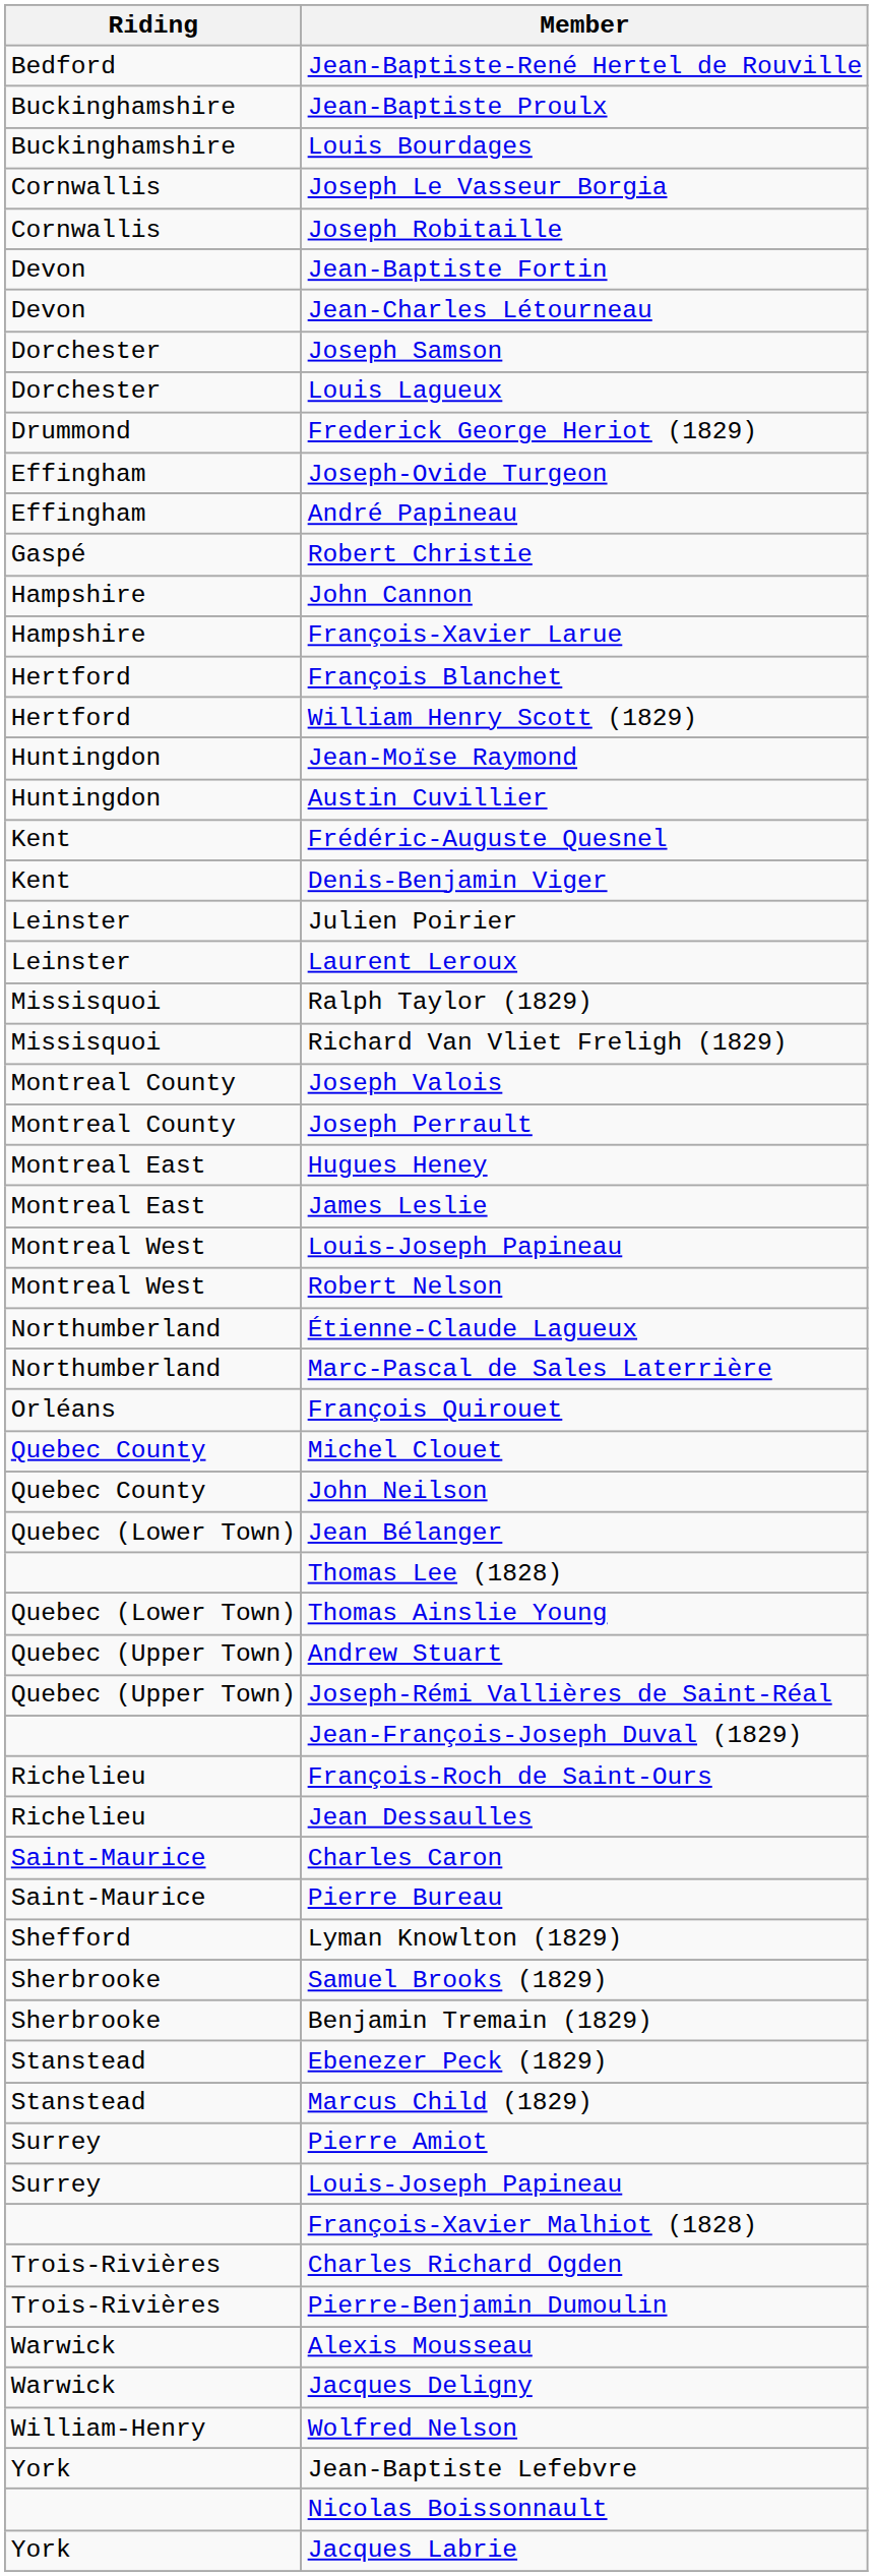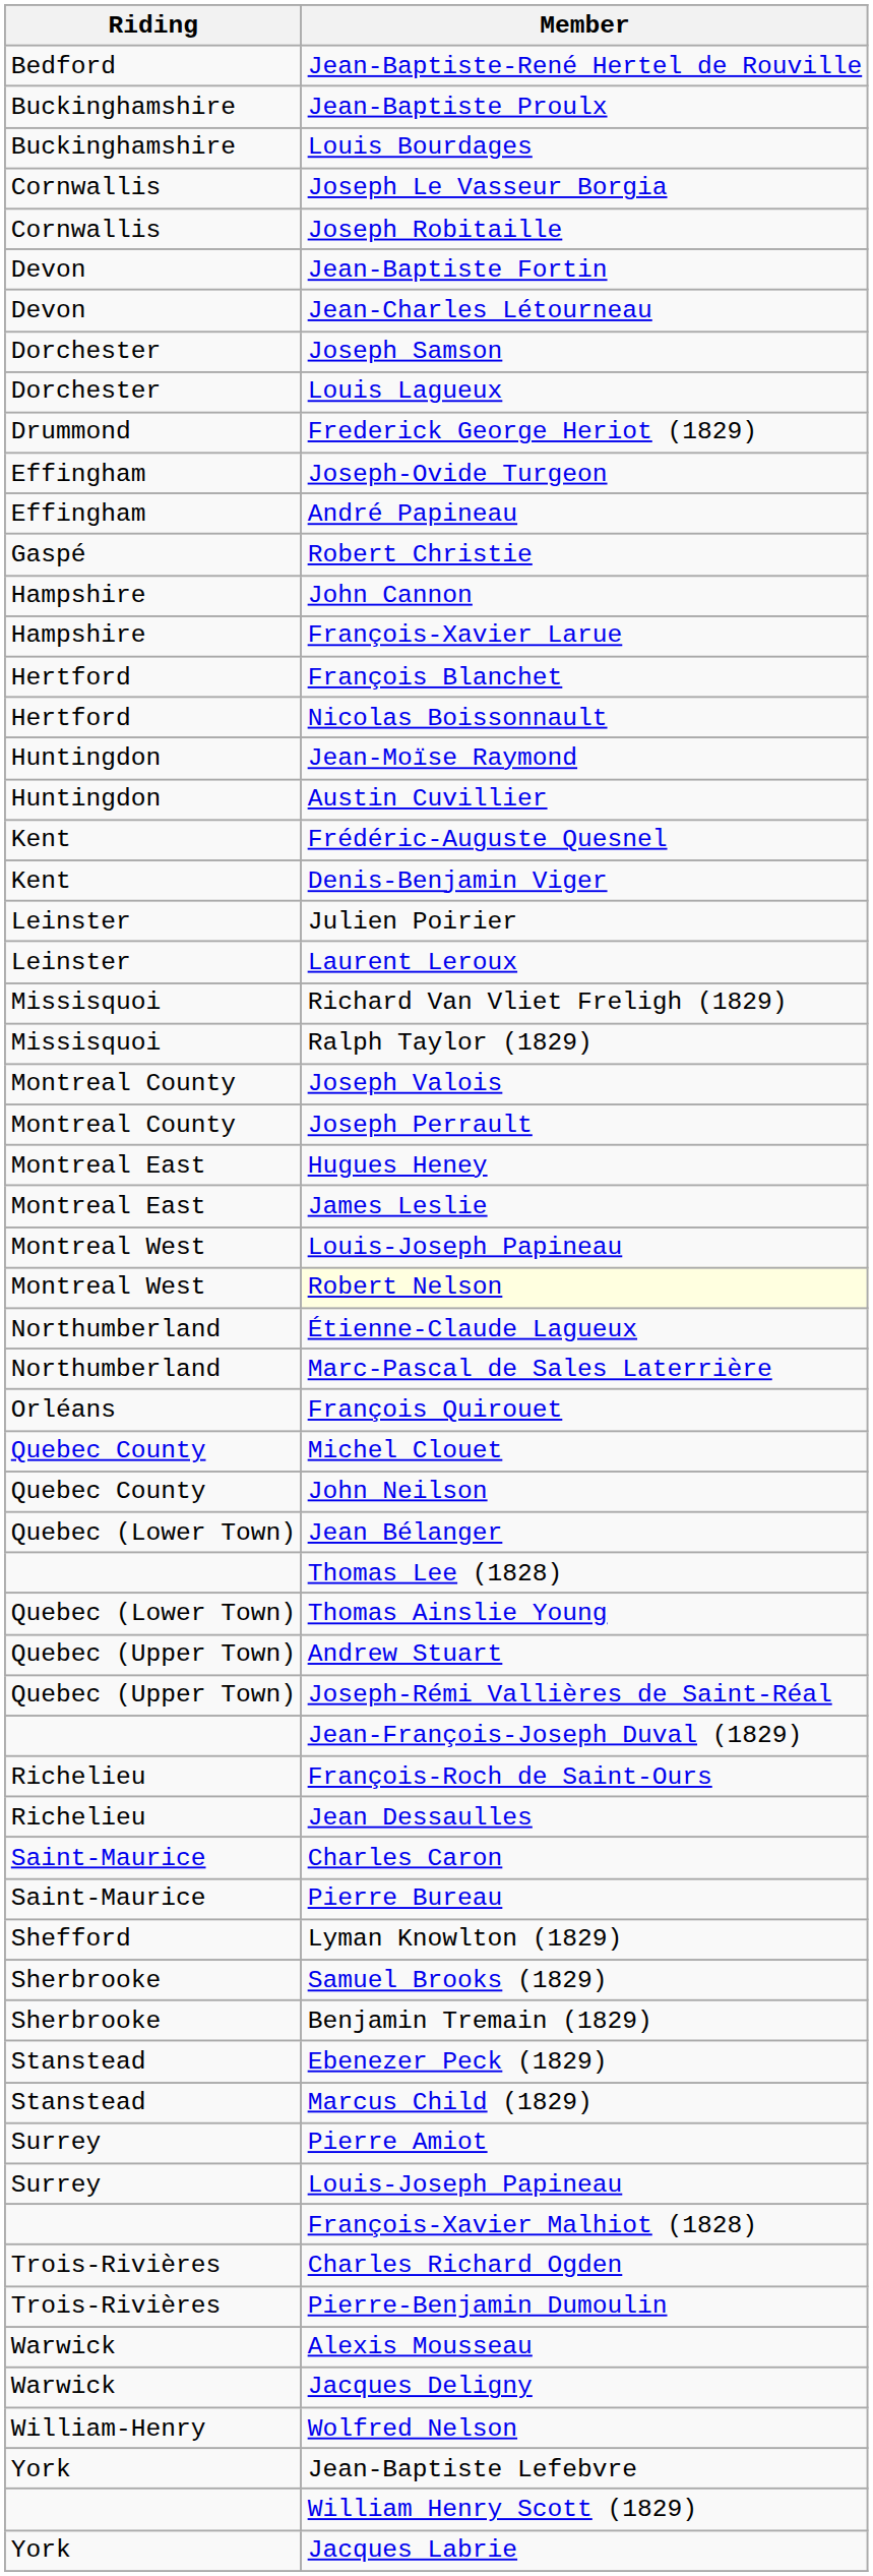 <table class="wikitable">
 <tr>
 <th>Riding</th>
 <th>Member</th>
 </tr>
 <tr>
 <td>Bedford</td>
 <td><a href='#'>Jean-Baptiste-René Hertel de Rouville</a></td>
 </tr>
 <tr>
 <td>Buckinghamshire</td>
 <td><a href='#'>Jean-Baptiste Proulx</a></td>
 </tr>
 <tr>
 <td>Buckinghamshire</td>
 <td><a href='#'>Louis Bourdages</a></td>
 </tr>
 <tr>
 <td>Cornwallis</td>
 <td><a href='#'>Joseph Le Vasseur Borgia</a></td>
 </tr>
 <tr>
 <td>Cornwallis</td>
 <td><a href='#'>Joseph Robitaille</a></td>
 </tr>
 <tr>
 <td>Devon</td>
 <td><a href='#'>Jean-Baptiste Fortin</a></td>
 </tr>
 <tr>
 <td>Devon</td>
 <td><a href='#'>Jean-Charles Létourneau</a></td>
 </tr>
 <tr>
 <td>Dorchester</td>
 <td><a href='#'>Joseph Samson</a></td>
 </tr>
 <tr>
 <td>Dorchester</td>
 <td><a href='#'>Louis Lagueux</a></td>
 </tr>
 <tr>
 <td>Drummond </td>
 <td><a href='#'>Frederick George Heriot</a> (1829)</td>
 </tr>
 <tr>
 <td>Effingham</td>
 <td><a href='#'>Joseph-Ovide Turgeon</a></td>
 </tr>
 <tr>
 <td>Effingham</td>
 <td><a href='#'>André Papineau</a></td>
 </tr>
 <tr>
 <td>Gaspé</td>
 <td><a href='#'>Robert Christie</a></td>
 </tr>
 <tr>
 <td>Hampshire</td>
 <td><a href='#'>John Cannon</a></td>
 </tr>
 <tr>
 <td>Hampshire</td>
 <td><a href='#'>François-Xavier Larue</a></td>
 </tr>
 <tr>
 <td>Hertford</td>
 <td><a href='#'>François Blanchet</a></td>
 </tr>
 <tr>
 <td>Hertford</td>
-<td><a href='#'>William Henry Scott</a> (1829)</td>
+<td><a href='#'>Nicolas Boissonnault</a></td>
 </tr>
 <tr>
 <td>Huntingdon</td>
 <td><a href='#'>Jean-Moïse Raymond</a></td>
 </tr>
 <tr>
 <td>Huntingdon</td>
 <td><a href='#'>Austin Cuvillier</a></td>
 </tr>
 <tr>
 <td>Kent</td>
 <td><a href='#'>Frédéric-Auguste Quesnel</a></td>
 </tr>
 <tr>
 <td>Kent</td>
 <td><a href='#'>Denis-Benjamin Viger</a></td>
 </tr>
 <tr>
 <td>Leinster</td>
 <td>Julien Poirier</td>
 </tr>
 <tr>
 <td>Leinster</td>
 <td><a href='#'>Laurent Leroux</a></td>
 </tr>
 <tr>
 <td>Missisquoi </td>
-<td>Ralph Taylor (1829)</td>
+<td>Richard Van Vliet Freligh (1829)</td>
 </tr>
 <tr>
 <td>Missisquoi </td>
-<td>Richard Van Vliet Freligh (1829)</td>
+<td>Ralph Taylor (1829)</td>
 </tr>
 <tr>
 <td>Montreal County</td>
 <td><a href='#'>Joseph Valois</a></td>
 </tr>
 <tr>
 <td>Montreal County</td>
 <td><a href='#'>Joseph Perrault</a></td>
 </tr>
 <tr>
 <td>Montreal East</td>
 <td><a href='#'>Hugues Heney</a></td>
 </tr>
 <tr>
 <td>Montreal East</td>
 <td><a href='#'>James Leslie</a></td>
 </tr>
 <tr>
 <td>Montreal West</td>
 <td><a href='#'>Louis-Joseph Papineau</a></td>
 </tr>
 <tr>
 <td>Montreal West</td>
-<td><a href='#'>Robert Nelson</a></td>
+<td style="background: lightyellow;"><a href='#'>Robert Nelson</a></td>
 </tr>
 <tr>
 <td>Northumberland</td>
 <td><a href='#'>Étienne-Claude Lagueux</a></td>
 </tr>
 <tr>
 <td>Northumberland</td>
 <td><a href='#'>Marc-Pascal de Sales Laterrière</a></td>
 </tr>
 <tr>
 <td>Orléans</td>
 <td><a href='#'>François Quirouet</a></td>
 </tr>
 <tr>
 <td><a href='#'>Quebec County</a></td>
 <td><a href='#'>Michel Clouet</a></td>
 </tr>
 <tr>
 <td>Quebec County</td>
 <td><a href='#'>John Neilson</a></td>
 </tr>
 <tr>
 <td>Quebec (Lower Town)</td>
 <td><a href='#'>Jean Bélanger</a></td>
 </tr>
 <tr>
 <td></td>
 <td><a href='#'>Thomas Lee</a> (1828)</td>
 </tr>
 <tr>
 <td>Quebec (Lower Town)</td>
 <td><a href='#'>Thomas Ainslie Young</a></td>
 </tr>
 <tr>
 <td>Quebec (Upper Town)</td>
 <td><a href='#'>Andrew Stuart</a></td>
 </tr>
 <tr>
 <td>Quebec (Upper Town)</td>
 <td><a href='#'>Joseph-Rémi Vallières de Saint-Réal</a></td>
 </tr>
 <tr>
 <td></td>
 <td><a href='#'>Jean-François-Joseph Duval</a> (1829)</td>
 </tr>
 <tr>
 <td>Richelieu</td>
 <td><a href='#'>François-Roch de Saint-Ours</a></td>
 </tr>
 <tr>
 <td>Richelieu</td>
 <td><a href='#'>Jean Dessaulles</a></td>
 </tr>
 <tr>
 <td><a href='#'>Saint-Maurice</a></td>
 <td><a href='#'>Charles Caron</a></td>
 </tr>
 <tr>
 <td>Saint-Maurice</td>
 <td><a href='#'>Pierre Bureau</a></td>
 </tr>
 <tr>
 <td>Shefford </td>
 <td>Lyman Knowlton (1829)</td>
 </tr>
 <tr>
 <td>Sherbrooke </td>
 <td><a href='#'>Samuel Brooks</a> (1829)</td>
 </tr>
 <tr>
 <td>Sherbrooke </td>
 <td>Benjamin Tremain (1829)</td>
 </tr>
 <tr>
 <td>Stanstead </td>
 <td><a href='#'>Ebenezer Peck</a> (1829)</td>
 </tr>
 <tr>
 <td>Stanstead </td>
 <td><a href='#'>Marcus Child</a> (1829)</td>
 </tr>
 <tr>
 <td>Surrey</td>
 <td><a href='#'>Pierre Amiot</a></td>
 </tr>
 <tr>
 <td>Surrey</td>
 <td><a href='#'>Louis-Joseph Papineau</a></td>
 </tr>
 <tr>
 <td></td>
 <td><a href='#'>François-Xavier Malhiot</a> (1828)</td>
 </tr>
 <tr>
 <td>Trois-Rivières</td>
 <td><a href='#'>Charles Richard Ogden</a></td>
 </tr>
 <tr>
 <td>Trois-Rivières</td>
 <td><a href='#'>Pierre-Benjamin Dumoulin</a></td>
 </tr>
 <tr>
 <td>Warwick</td>
 <td><a href='#'>Alexis Mousseau</a></td>
 </tr>
 <tr>
 <td>Warwick</td>
 <td><a href='#'>Jacques Deligny</a></td>
 </tr>
 <tr>
 <td>William-Henry</td>
 <td><a href='#'>Wolfred Nelson</a></td>
 </tr>
 <tr>
 <td>York</td>
 <td>Jean-Baptiste Lefebvre</td>
 </tr>
 <tr>
 <td></td>
-<td><a href='#'>Nicolas Boissonnault</a></td>
+<td><a href='#'>William Henry Scott</a> (1829)</td>
 </tr>
 <tr>
 <td>York</td>
 <td><a href='#'>Jacques Labrie</a></td>
 </tr>
 </table>
